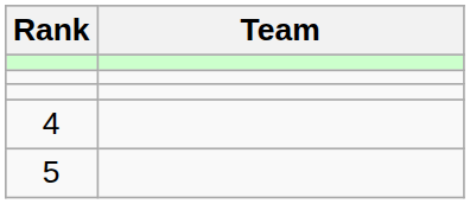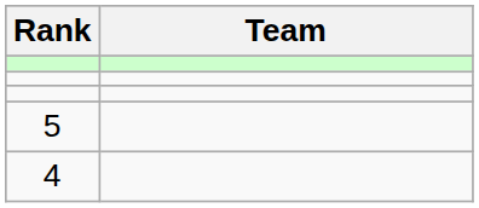 <table class=wikitable style="text-align:center;">
 <tr>
 <th>Rank</th>
 <th width=180>Team</th>
 </tr>
 <tr bgcolor=#CCFFCC>
 <td></td>
 <td align=left></td>
 </tr>
 <tr>
 <td></td>
 <td align=left></td>
 </tr>
 <tr>
 <td></td>
 <td align=left></td>
 </tr>
 <tr>
+<td>5</td>
+<td align=left></td>
+</tr>
+<tr>
 <td>4</td>
 <td align=left></td>
 </tr>
-<tr>
-<td>5</td>
-<td align=left></td>
-</tr>
 </table>
